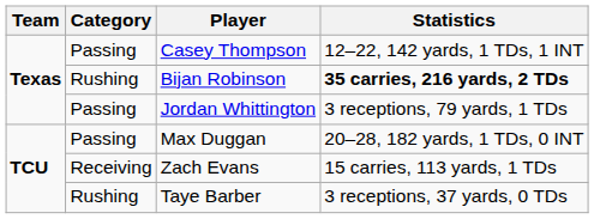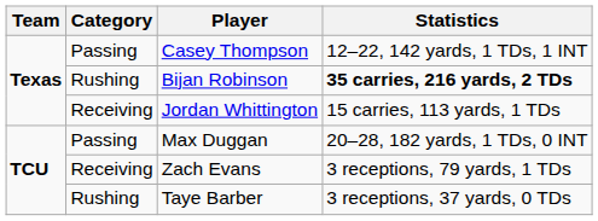 <table class="wikitable" style="float: right;">
 <tr>
 <th>Team</th>
 <th>Category</th>
 <th>Player</th>
 <th>Statistics</th>
 </tr>
 <tr>
 <td rowspan=3><strong>Texas</strong></td>
 <td>Passing</td>
 <td><a href='#'>Casey Thompson</a></td>
 <td>12–22, 142 yards, 1 TDs, 1 INT</td>
 </tr>
 <tr>
 <td>Rushing</td>
 <td><a href='#'>Bijan Robinson</a></td>
 <td><strong>35 carries, 216 yards, 2 TDs</strong></td>
 </tr>
 <tr>
-<td>Passing</td>
+<td>Receiving</td>
 <td><a href='#'>Jordan Whittington</a></td>
-<td>3 receptions, 79 yards, 1 TDs</td>
+<td>15 carries, 113 yards, 1 TDs</td>
 </tr>
 <tr>
 <td rowspan=3><strong>TCU</strong></td>
 <td>Passing</td>
 <td>Max Duggan</td>
 <td>20–28, 182 yards, 1 TDs, 0 INT</td>
 </tr>
 <tr>
 <td>Receiving</td>
 <td>Zach Evans</td>
-<td>15 carries, 113 yards, 1 TDs</td>
+<td>3 receptions, 79 yards, 1 TDs</td>
 </tr>
 <tr>
 <td>Rushing</td>
 <td>Taye Barber</td>
 <td>3 receptions, 37 yards, 0 TDs</td>
 </tr>
 </table>
